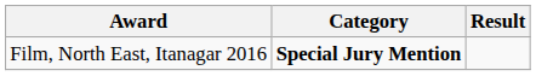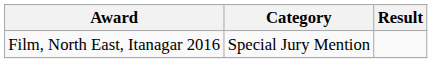 <table class="wikitable sortable">
 <tr>
 <th>Award</th>
 <th>Category</th>
 <th>Result</th>
 </tr>
 <tr>
 <td>Film, North East, Itanagar 2016</td>
-<td><strong>Special Jury Mention</strong></td>
+<td>Special Jury Mention</td>
 <td></td>
 </tr>
 <tr>
 </tr>
 </table>
